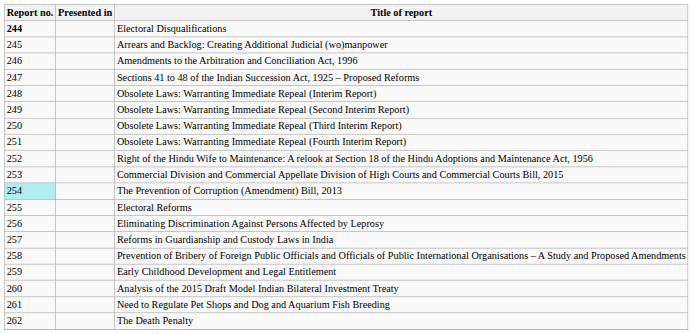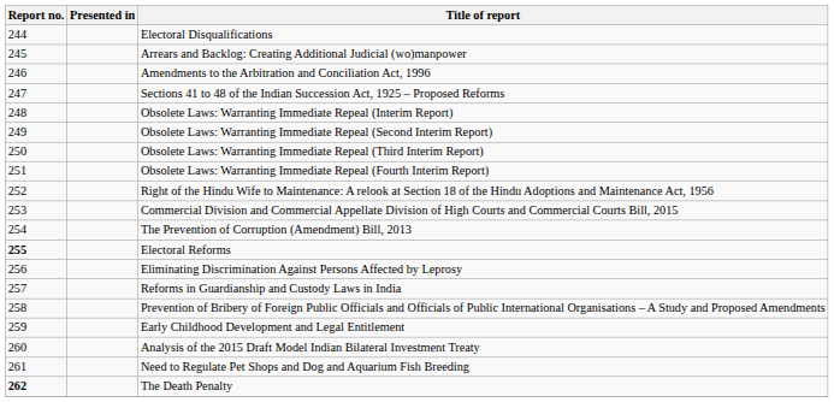 <table class="wikitable">
 <tr>
 <th>Report no.</th>
 <th>Presented in</th>
 <th>Title of report</th>
 </tr>
 <tr>
-<td><strong>244</strong></td>
+<td>244</td>
 <td></td>
 <td>Electoral Disqualifications</td>
 </tr>
 <tr>
 <td>245</td>
 <td></td>
 <td>Arrears and Backlog: Creating Additional Judicial (wo)manpower</td>
 </tr>
 <tr>
 <td>246</td>
 <td></td>
 <td>Amendments to the Arbitration and Conciliation Act, 1996</td>
 </tr>
 <tr>
 <td>247</td>
 <td></td>
 <td>Sections 41 to 48 of the Indian Succession Act, 1925 – Proposed Reforms</td>
 </tr>
 <tr>
 <td>248</td>
 <td></td>
 <td>Obsolete Laws: Warranting Immediate Repeal (Interim Report)</td>
 </tr>
 <tr>
 <td>249</td>
 <td></td>
 <td>Obsolete Laws: Warranting Immediate Repeal (Second Interim Report)</td>
 </tr>
 <tr>
 <td>250</td>
 <td></td>
 <td>Obsolete Laws: Warranting Immediate Repeal (Third Interim Report)</td>
 </tr>
 <tr>
 <td>251</td>
 <td></td>
 <td>Obsolete Laws: Warranting Immediate Repeal (Fourth Interim Report)</td>
 </tr>
 <tr>
 <td>252</td>
 <td></td>
 <td>Right of the Hindu Wife to Maintenance: A relook at Section 18 of the Hindu Adoptions and Maintenance Act, 1956</td>
 </tr>
 <tr>
 <td>253</td>
 <td></td>
 <td>Commercial Division and Commercial Appellate Division of High Courts and Commercial Courts Bill, 2015</td>
 </tr>
 <tr>
-<td style="background: paleturquoise;">254</td>
+<td>254</td>
 <td></td>
 <td>The Prevention of Corruption (Amendment) Bill, 2013</td>
 </tr>
 <tr>
-<td>255</td>
+<td><strong>255</strong></td>
 <td></td>
 <td>Electoral Reforms</td>
 </tr>
 <tr>
 <td>256</td>
 <td></td>
 <td>Eliminating Discrimination Against Persons Affected by Leprosy</td>
 </tr>
 <tr>
 <td>257</td>
 <td></td>
 <td>Reforms in Guardianship and Custody Laws in India</td>
 </tr>
 <tr>
 <td>258</td>
 <td></td>
 <td>Prevention of Bribery of Foreign Public Officials and Officials of Public International Organisations – A Study and Proposed Amendments</td>
 </tr>
 <tr>
 <td>259</td>
 <td></td>
 <td>Early Childhood Development and Legal Entitlement</td>
 </tr>
 <tr>
 <td>260</td>
 <td></td>
 <td>Analysis of the 2015 Draft Model Indian Bilateral Investment Treaty</td>
 </tr>
 <tr>
 <td>261</td>
 <td></td>
 <td>Need to Regulate Pet Shops and Dog and Aquarium Fish Breeding</td>
 </tr>
 <tr>
-<td>262</td>
+<td><strong>262</strong></td>
 <td></td>
 <td>The Death Penalty</td>
 </tr>
 <tr>
 </tr>
 </table>
